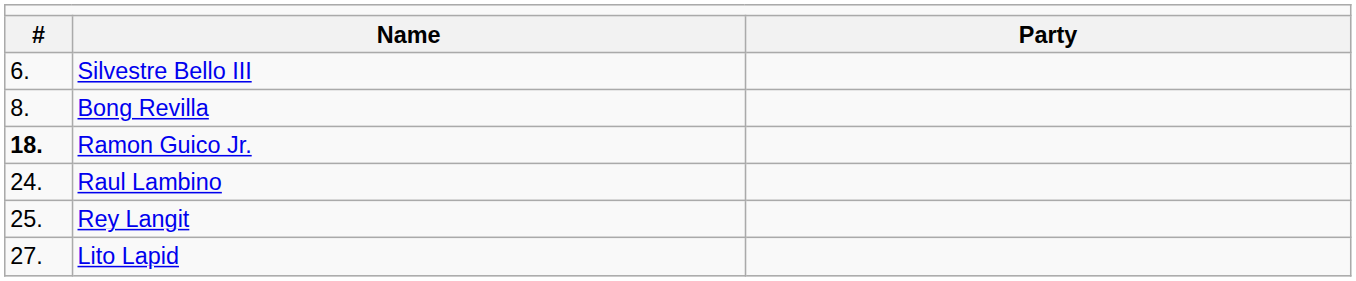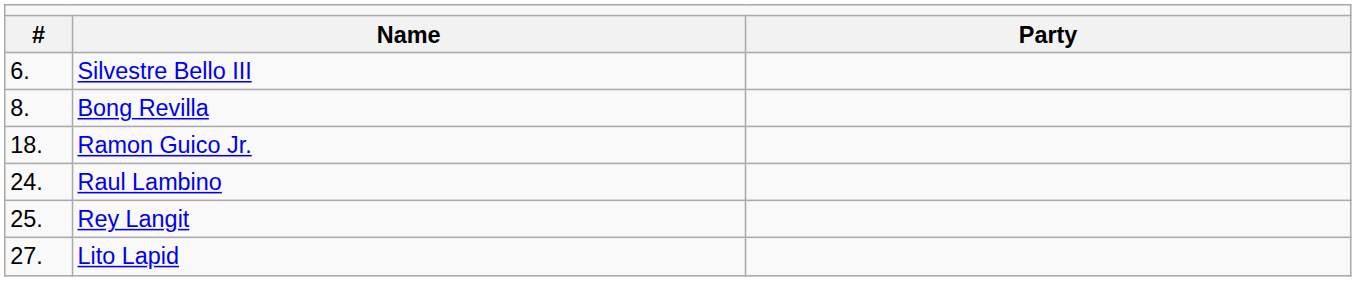 <table class=wikitable width=99% style="font-size:95%">
 <tr>
 <td colspan=4 bgcolor=></td>
 </tr>
 <tr>
 <th width=5%>#</th>
 <th width=50%>Name</th>
 <th colspan=2>Party</th>
 </tr>
 <tr>
 <td>6.</td>
 <td><a href='#'>Silvestre Bello III</a></td>
 <td></td>
 </tr>
 <tr>
 <td>8.</td>
 <td><a href='#'>Bong Revilla</a></td>
 <td></td>
 </tr>
 <tr>
-<td><strong>18.</strong></td>
+<td>18.</td>
 <td><a href='#'>Ramon Guico Jr.</a></td>
 <td></td>
 </tr>
 <tr>
 <td>24.</td>
 <td><a href='#'>Raul Lambino</a></td>
 <td></td>
 </tr>
 <tr>
 <td>25.</td>
 <td><a href='#'>Rey Langit</a></td>
 <td></td>
 </tr>
 <tr>
 <td>27.</td>
 <td><a href='#'>Lito Lapid</a></td>
 <td></td>
 </tr>
 </table>
